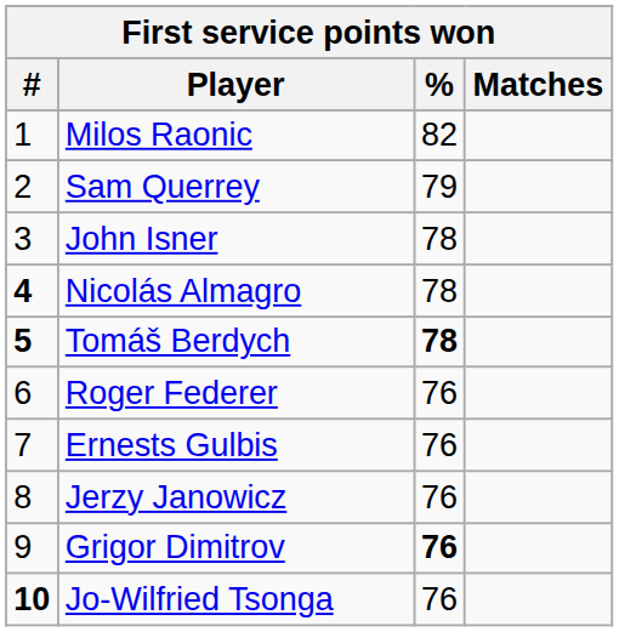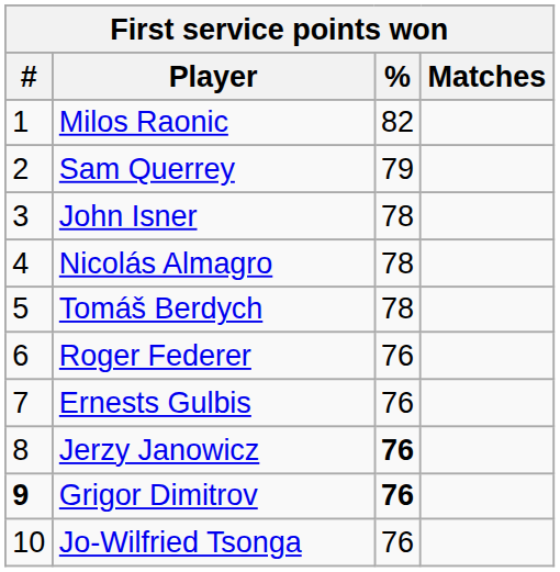 <table class="wikitable sortable" style=font-size:90%>
 <tr>
 <th colspan=4>First service points won</th>
 </tr>
 <tr>
 <th>#</th>
 <th width=150>Player</th>
 <th>%</th>
 <th>Matches</th>
 </tr>
 <tr bgcolor=>
 <td>1</td>
 <td> <a href='#'>Milos Raonic</a></td>
 <td>82</td>
 <td></td>
 </tr>
 <tr>
 <td>2</td>
 <td> <a href='#'>Sam Querrey</a></td>
 <td>79</td>
 <td></td>
 </tr>
 <tr bgcolor=>
 <td>3</td>
 <td> <a href='#'>John Isner</a></td>
 <td>78</td>
 <td></td>
 </tr>
 <tr>
-<td><strong>4</strong></td>
+<td>4</td>
 <td> <a href='#'>Nicolás Almagro</a></td>
 <td>78</td>
 <td></td>
 </tr>
 <tr bgcolor=>
-<td><strong>5</strong></td>
+<td>5</td>
 <td> <a href='#'>Tomáš Berdych</a></td>
-<td><strong>78</strong></td>
+<td>78</td>
 <td></td>
 </tr>
 <tr>
 <td>6</td>
 <td> <a href='#'>Roger Federer</a></td>
 <td>76</td>
 <td></td>
 </tr>
 <tr bgcolor=>
 <td>7</td>
 <td> <a href='#'>Ernests Gulbis</a></td>
 <td>76</td>
 <td></td>
 </tr>
 <tr>
 <td>8</td>
 <td> <a href='#'>Jerzy Janowicz</a></td>
-<td>76</td>
+<td><strong>76</strong></td>
 <td></td>
 </tr>
 <tr bgcolor=>
-<td>9</td>
+<td><strong>9</strong></td>
 <td> <a href='#'>Grigor Dimitrov</a></td>
 <td><strong>76</strong></td>
 <td></td>
 </tr>
 <tr>
-<td><strong>10</strong></td>
+<td>10</td>
 <td> <a href='#'>Jo-Wilfried Tsonga</a></td>
 <td>76</td>
 <td></td>
 </tr>
 </table>
